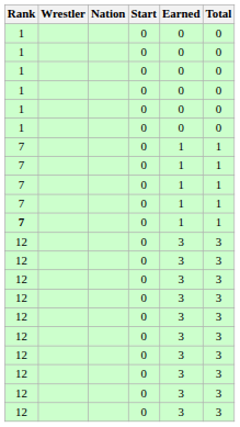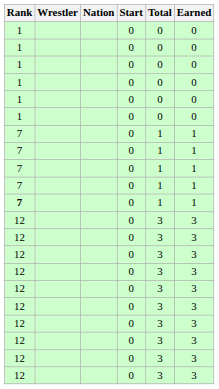 <table class="wikitable sortable" style="text-align:center;">
 <tr>
 <th>Rank</th>
 <th>Wrestler</th>
 <th>Nation</th>
 <th>Start</th>
+<th>Total</th>
 <th>Earned</th>
-<th>Total</th>
 </tr>
 <tr style="background:#cfc;">
 <td>1</td>
 <td align=left></td>
 <td align=left></td>
 <td>0</td>
 <td>0</td>
 <td>0</td>
 </tr>
 <tr style="background:#cfc;">
 <td>1</td>
 <td align=left></td>
 <td align=left></td>
 <td>0</td>
 <td>0</td>
 <td>0</td>
 </tr>
 <tr style="background:#cfc;">
 <td>1</td>
 <td align=left></td>
 <td align=left></td>
 <td>0</td>
 <td>0</td>
 <td>0</td>
 </tr>
 <tr style="background:#cfc;">
 <td>1</td>
 <td align=left></td>
 <td align=left></td>
 <td>0</td>
 <td>0</td>
 <td>0</td>
 </tr>
 <tr style="background:#cfc;">
 <td>1</td>
 <td align=left></td>
 <td align=left></td>
 <td>0</td>
 <td>0</td>
 <td>0</td>
 </tr>
 <tr style="background:#cfc;">
 <td>1</td>
 <td align=left></td>
 <td align=left></td>
 <td>0</td>
 <td>0</td>
 <td>0</td>
 </tr>
 <tr style="background:#cfc;">
 <td>7</td>
 <td align=left></td>
 <td align=left></td>
 <td>0</td>
 <td>1</td>
 <td>1</td>
 </tr>
 <tr style="background:#cfc;">
 <td>7</td>
 <td align=left></td>
 <td align=left></td>
 <td>0</td>
 <td>1</td>
 <td>1</td>
 </tr>
 <tr style="background:#cfc;">
 <td>7</td>
 <td align=left></td>
 <td align=left></td>
 <td>0</td>
 <td>1</td>
 <td>1</td>
 </tr>
 <tr style="background:#cfc;">
 <td>7</td>
 <td align=left></td>
 <td align=left></td>
 <td>0</td>
 <td>1</td>
 <td>1</td>
 </tr>
 <tr style="background:#cfc;">
 <td><strong>7</strong></td>
 <td align=left></td>
 <td align=left></td>
 <td>0</td>
 <td>1</td>
 <td>1</td>
 </tr>
 <tr style="background:#cfc;">
 <td>12</td>
 <td align=left></td>
 <td align=left></td>
 <td>0</td>
 <td>3</td>
 <td>3</td>
 </tr>
 <tr style="background:#cfc;">
 <td>12</td>
 <td align=left></td>
 <td align=left></td>
 <td>0</td>
 <td>3</td>
 <td>3</td>
 </tr>
 <tr style="background:#cfc;">
 <td>12</td>
 <td align=left></td>
 <td align=left></td>
 <td>0</td>
 <td>3</td>
 <td>3</td>
 </tr>
 <tr style="background:#cfc;">
 <td>12</td>
 <td align=left></td>
 <td align=left></td>
 <td>0</td>
 <td>3</td>
 <td>3</td>
 </tr>
 <tr style="background:#cfc;">
 <td>12</td>
 <td align=left></td>
 <td align=left></td>
 <td>0</td>
 <td>3</td>
 <td>3</td>
 </tr>
 <tr style="background:#cfc;">
 <td>12</td>
 <td align=left></td>
 <td align=left></td>
 <td>0</td>
 <td>3</td>
 <td>3</td>
 </tr>
 <tr style="background:#cfc;">
 <td>12</td>
 <td align=left></td>
 <td align=left></td>
 <td>0</td>
 <td>3</td>
 <td>3</td>
 </tr>
 <tr style="background:#cfc;">
 <td>12</td>
 <td align=left></td>
 <td align=left></td>
 <td>0</td>
 <td>3</td>
 <td>3</td>
 </tr>
 <tr style="background:#cfc;">
 <td>12</td>
 <td align=left></td>
 <td align=left></td>
 <td>0</td>
 <td>3</td>
 <td>3</td>
 </tr>
 <tr style="background:#cfc;">
 <td>12</td>
 <td align=left></td>
 <td align=left></td>
 <td>0</td>
 <td>3</td>
 <td>3</td>
 </tr>
 </table>
